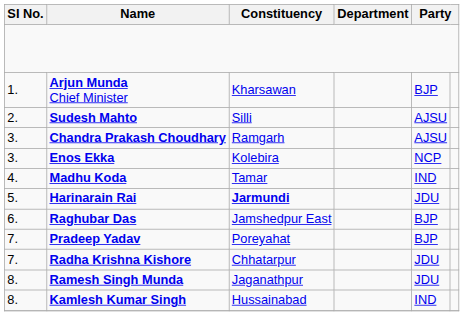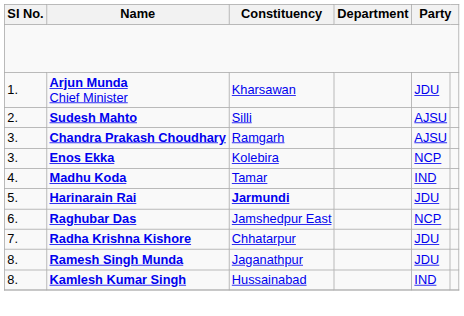 <table class="wikitable sortable">
 <tr>
 <th>SI No.</th>
 <th>Name</th>
 <th>Constituency</th>
 <th>Department</th>
 <th colspan="2" scope="col">Party</th>
 </tr>
 <tr style="text-align:center; height:60px;">
 </tr>
 <tr>
 <td>1.</td>
 <td><strong><a href='#'>Arjun Munda</a></strong><br><a href='#'>Chief Minister</a></td>
 <td><a href='#'>Kharsawan</a></td>
 <td></td>
-<td><a href='#'>BJP</a></td>
+<td><a href='#'>JDU</a></td>
 <td width="4px"></td>
 </tr>
 <tr>
 <td>2.</td>
 <td><strong><a href='#'>Sudesh Mahto</a></strong></td>
 <td><a href='#'>Silli</a></td>
 <td></td>
 <td><a href='#'>AJSU</a></td>
 <td width="4px"></td>
 </tr>
 <tr>
 <td>3.</td>
 <td><strong><a href='#'>Chandra Prakash Choudhary</a></strong></td>
 <td><a href='#'>Ramgarh</a></td>
 <td></td>
 <td><a href='#'>AJSU</a></td>
 <td width="4px"></td>
 </tr>
 <tr>
 <td>3.</td>
 <td><strong><a href='#'>Enos Ekka</a></strong></td>
 <td><a href='#'>Kolebira</a></td>
 <td></td>
 <td><a href='#'>NCP</a></td>
 <td width="4px"></td>
 </tr>
 <tr>
 <td>4.</td>
 <td><strong><a href='#'>Madhu Koda</a></strong></td>
 <td><a href='#'>Tamar</a></td>
 <td></td>
 <td><a href='#'>IND</a></td>
 <td width="4px"></td>
 </tr>
 <tr>
 <td>5.</td>
 <td><strong><a href='#'>Harinarain Rai</a></strong></td>
 <td><strong><a href='#'>Jarmundi</a></strong></td>
 <td></td>
 <td><a href='#'>JDU</a></td>
 <td width="4px"></td>
 </tr>
 <tr>
 <td>6.</td>
 <td><strong><a href='#'>Raghubar Das</a></strong></td>
 <td><a href='#'>Jamshedpur East</a></td>
 <td></td>
-<td><a href='#'>BJP</a></td>
-<td width="4px"></td>
-</tr>
-<tr>
-<td>7.</td>
-<td><strong><a href='#'>Pradeep Yadav</a></strong></td>
-<td><a href='#'>Poreyahat</a></td>
-<td></td>
-<td><a href='#'>BJP</a></td>
+<td><a href='#'>NCP</a></td>
 <td width="4px"></td>
 </tr>
 <tr>
 <td>7.</td>
 <td><strong><a href='#'>Radha Krishna Kishore</a></strong></td>
 <td><a href='#'>Chhatarpur</a></td>
 <td></td>
 <td><a href='#'>JDU</a></td>
 <td width="4px"></td>
 </tr>
 <tr>
 <td>8.</td>
 <td><strong><a href='#'>Ramesh Singh Munda</a></strong></td>
 <td><a href='#'>Jaganathpur</a></td>
 <td></td>
 <td><a href='#'>JDU</a></td>
 <td width="4px"></td>
 </tr>
 <tr>
 <td>8.</td>
 <td><strong><a href='#'>Kamlesh Kumar Singh</a></strong></td>
 <td><a href='#'>Hussainabad</a></td>
 <td></td>
 <td><a href='#'>IND</a></td>
 <td width="4px"></td>
 </tr>
 <tr>
 </tr>
 </table>
